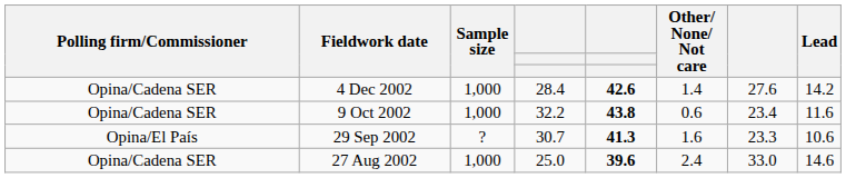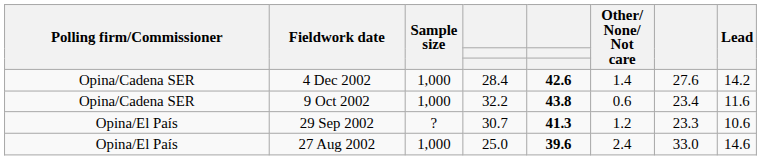 <table class="wikitable collapsible collapsed" style="text-align:center; font-size:90%; line-height:14px;">
 <tr style="height:42px;">
 <th style="width:250px;" rowspan="3">Polling firm/Commissioner</th>
 <th style="width:125px;" rowspan="3">Fieldwork date</th>
 <th style="width:50px;" rowspan="3">Sample size</th>
 <th style="width:55px;"></th>
 <th style="width:55px;"></th>
 <th style="width:55px;" rowspan="3">Other/<br>None/<br>Not<br>care</th>
 <th style="width:55px;" rowspan="3"></th>
 <th style="width:30px;" rowspan="3">Lead</th>
 </tr>
 <tr>
 <th style="color:inherit;background:"></th>
 <th style="color:inherit;background:"></th>
 </tr>
 <tr>
 <th></th>
 <th></th>
 </tr>
 <tr>
 <td>Opina/Cadena SER</td>
 <td>4 Dec 2002</td>
 <td>1,000</td>
 <td>28.4</td>
 <td><strong>42.6</strong></td>
 <td>1.4</td>
 <td>27.6</td>
 <td style="background:">14.2</td>
 </tr>
 <tr>
 <td>Opina/Cadena SER</td>
 <td>9 Oct 2002</td>
 <td>1,000</td>
 <td>32.2</td>
 <td><strong>43.8</strong></td>
 <td>0.6</td>
 <td>23.4</td>
 <td style="background:">11.6</td>
 </tr>
 <tr>
 <td>Opina/El País</td>
 <td>29 Sep 2002</td>
 <td>?</td>
 <td>30.7</td>
 <td><strong>41.3</strong></td>
-<td>1.6</td>
+<td>1.2</td>
 <td>23.3</td>
 <td style="background:">10.6</td>
 </tr>
 <tr>
-<td>Opina/Cadena SER</td>
+<td>Opina/El País</td>
 <td>27 Aug 2002</td>
 <td>1,000</td>
 <td>25.0</td>
 <td><strong>39.6</strong></td>
 <td>2.4</td>
 <td>33.0</td>
 <td style="background:">14.6</td>
 </tr>
 </table>
